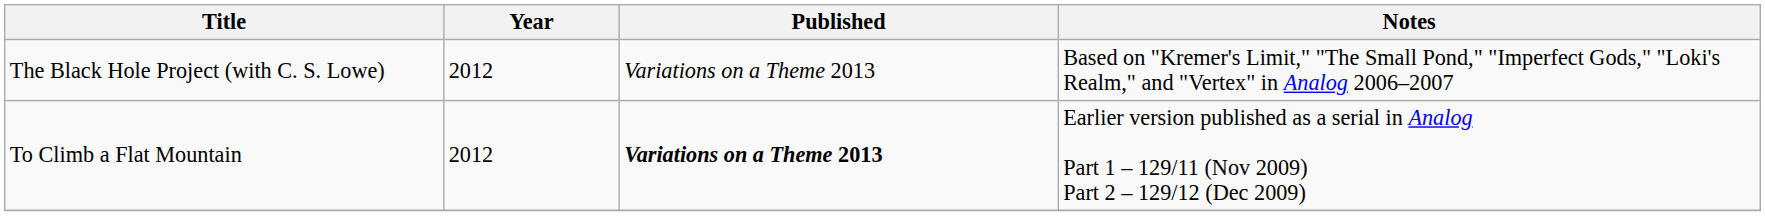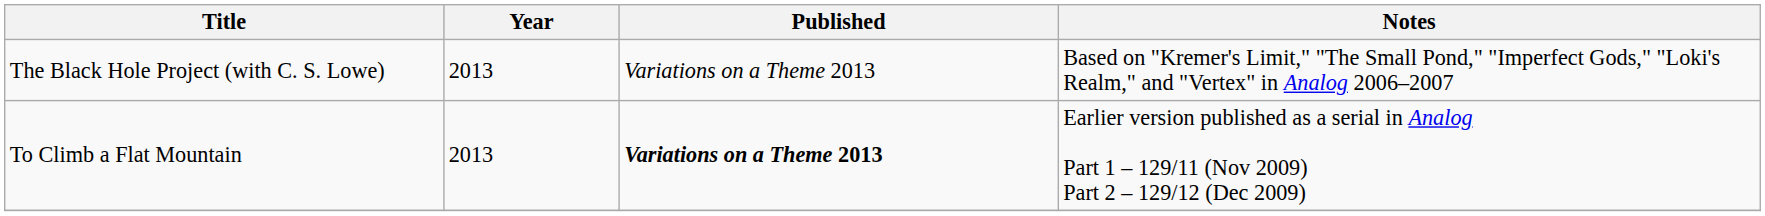 <table class='wikitable sortable' width='100%'>
 <tr>
 <th width='25%'>Title</th>
 <th width='10%'>Year</th>
 <th width='25%'>Published</th>
 <th width='40%' class="unsortable">Notes</th>
 </tr>
 <tr>
 <td>The Black Hole Project (with C. S. Lowe)</td>
-<td>2012</td>
+<td>2013</td>
 <td><em>Variations on a Theme</em> 2013</td>
 <td>Based on "Kremer's Limit," "The Small Pond," "Imperfect Gods," "Loki's Realm," and "Vertex" in <em><a href='#'>Analog</a></em> 2006–2007</td>
 </tr>
 <tr>
 <td>To Climb a Flat Mountain</td>
-<td>2012</td>
+<td>2013</td>
 <td><strong><em>Variations on a Theme</em> 2013</strong></td>
 <td>Earlier version published as a serial in <em><a href='#'>Analog</a></em><br><br>Part 1 – 129/11 (Nov 2009)<br> Part 2 – 129/12 (Dec 2009)</td>
 </tr>
 <tr>
 </tr>
 </table>
